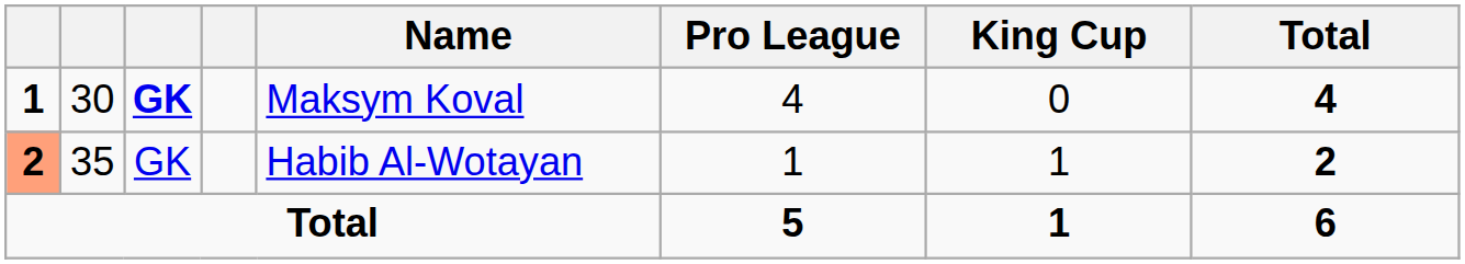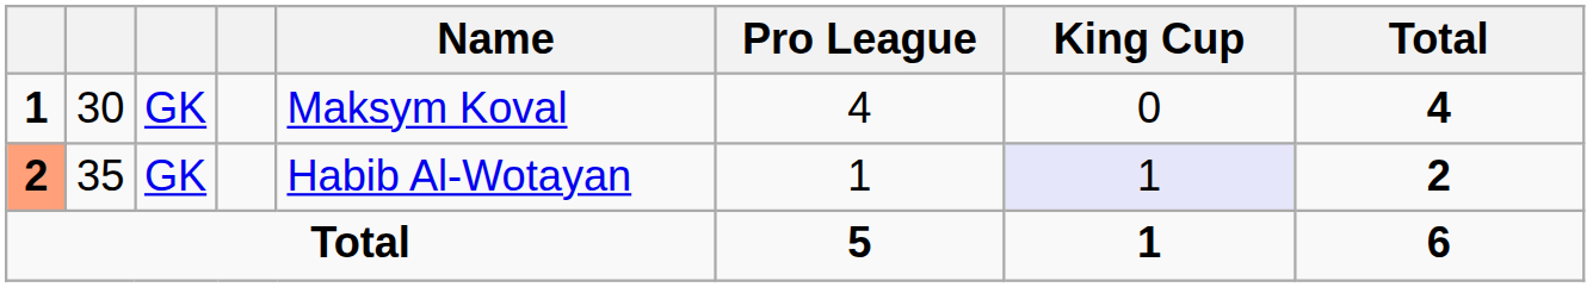 <table class="wikitable" style="text-align:center">
 <tr>
 <th width=15></th>
 <th width=15></th>
 <th width=15></th>
 <th width=15></th>
 <th width=155>Name</th>
 <th width=100>Pro League</th>
 <th width=100>King Cup</th>
 <th width=100>Total</th>
 </tr>
 <tr>
 <td><strong>1</strong></td>
 <td>30</td>
-<td><strong><a href='#'>GK</a></strong></td>
+<td><a href='#'>GK</a></td>
 <td></td>
 <td align=left><a href='#'>Maksym Koval</a></td>
 <td>4</td>
 <td>0</td>
 <td><strong>4</strong></td>
 </tr>
 <tr>
 <td style="background: lightsalmon;"><strong>2</strong></td>
 <td>35</td>
 <td><a href='#'>GK</a></td>
 <td></td>
 <td align=left><a href='#'>Habib Al-Wotayan</a></td>
 <td>1</td>
-<td>1</td>
+<td style="background: lavender;">1</td>
 <td><strong>2</strong></td>
 </tr>
 <tr>
 <td colspan=5><strong>Total</strong></td>
 <td><strong>5</strong></td>
 <td><strong>1</strong></td>
 <td><strong>6</strong></td>
 </tr>
 </table>
